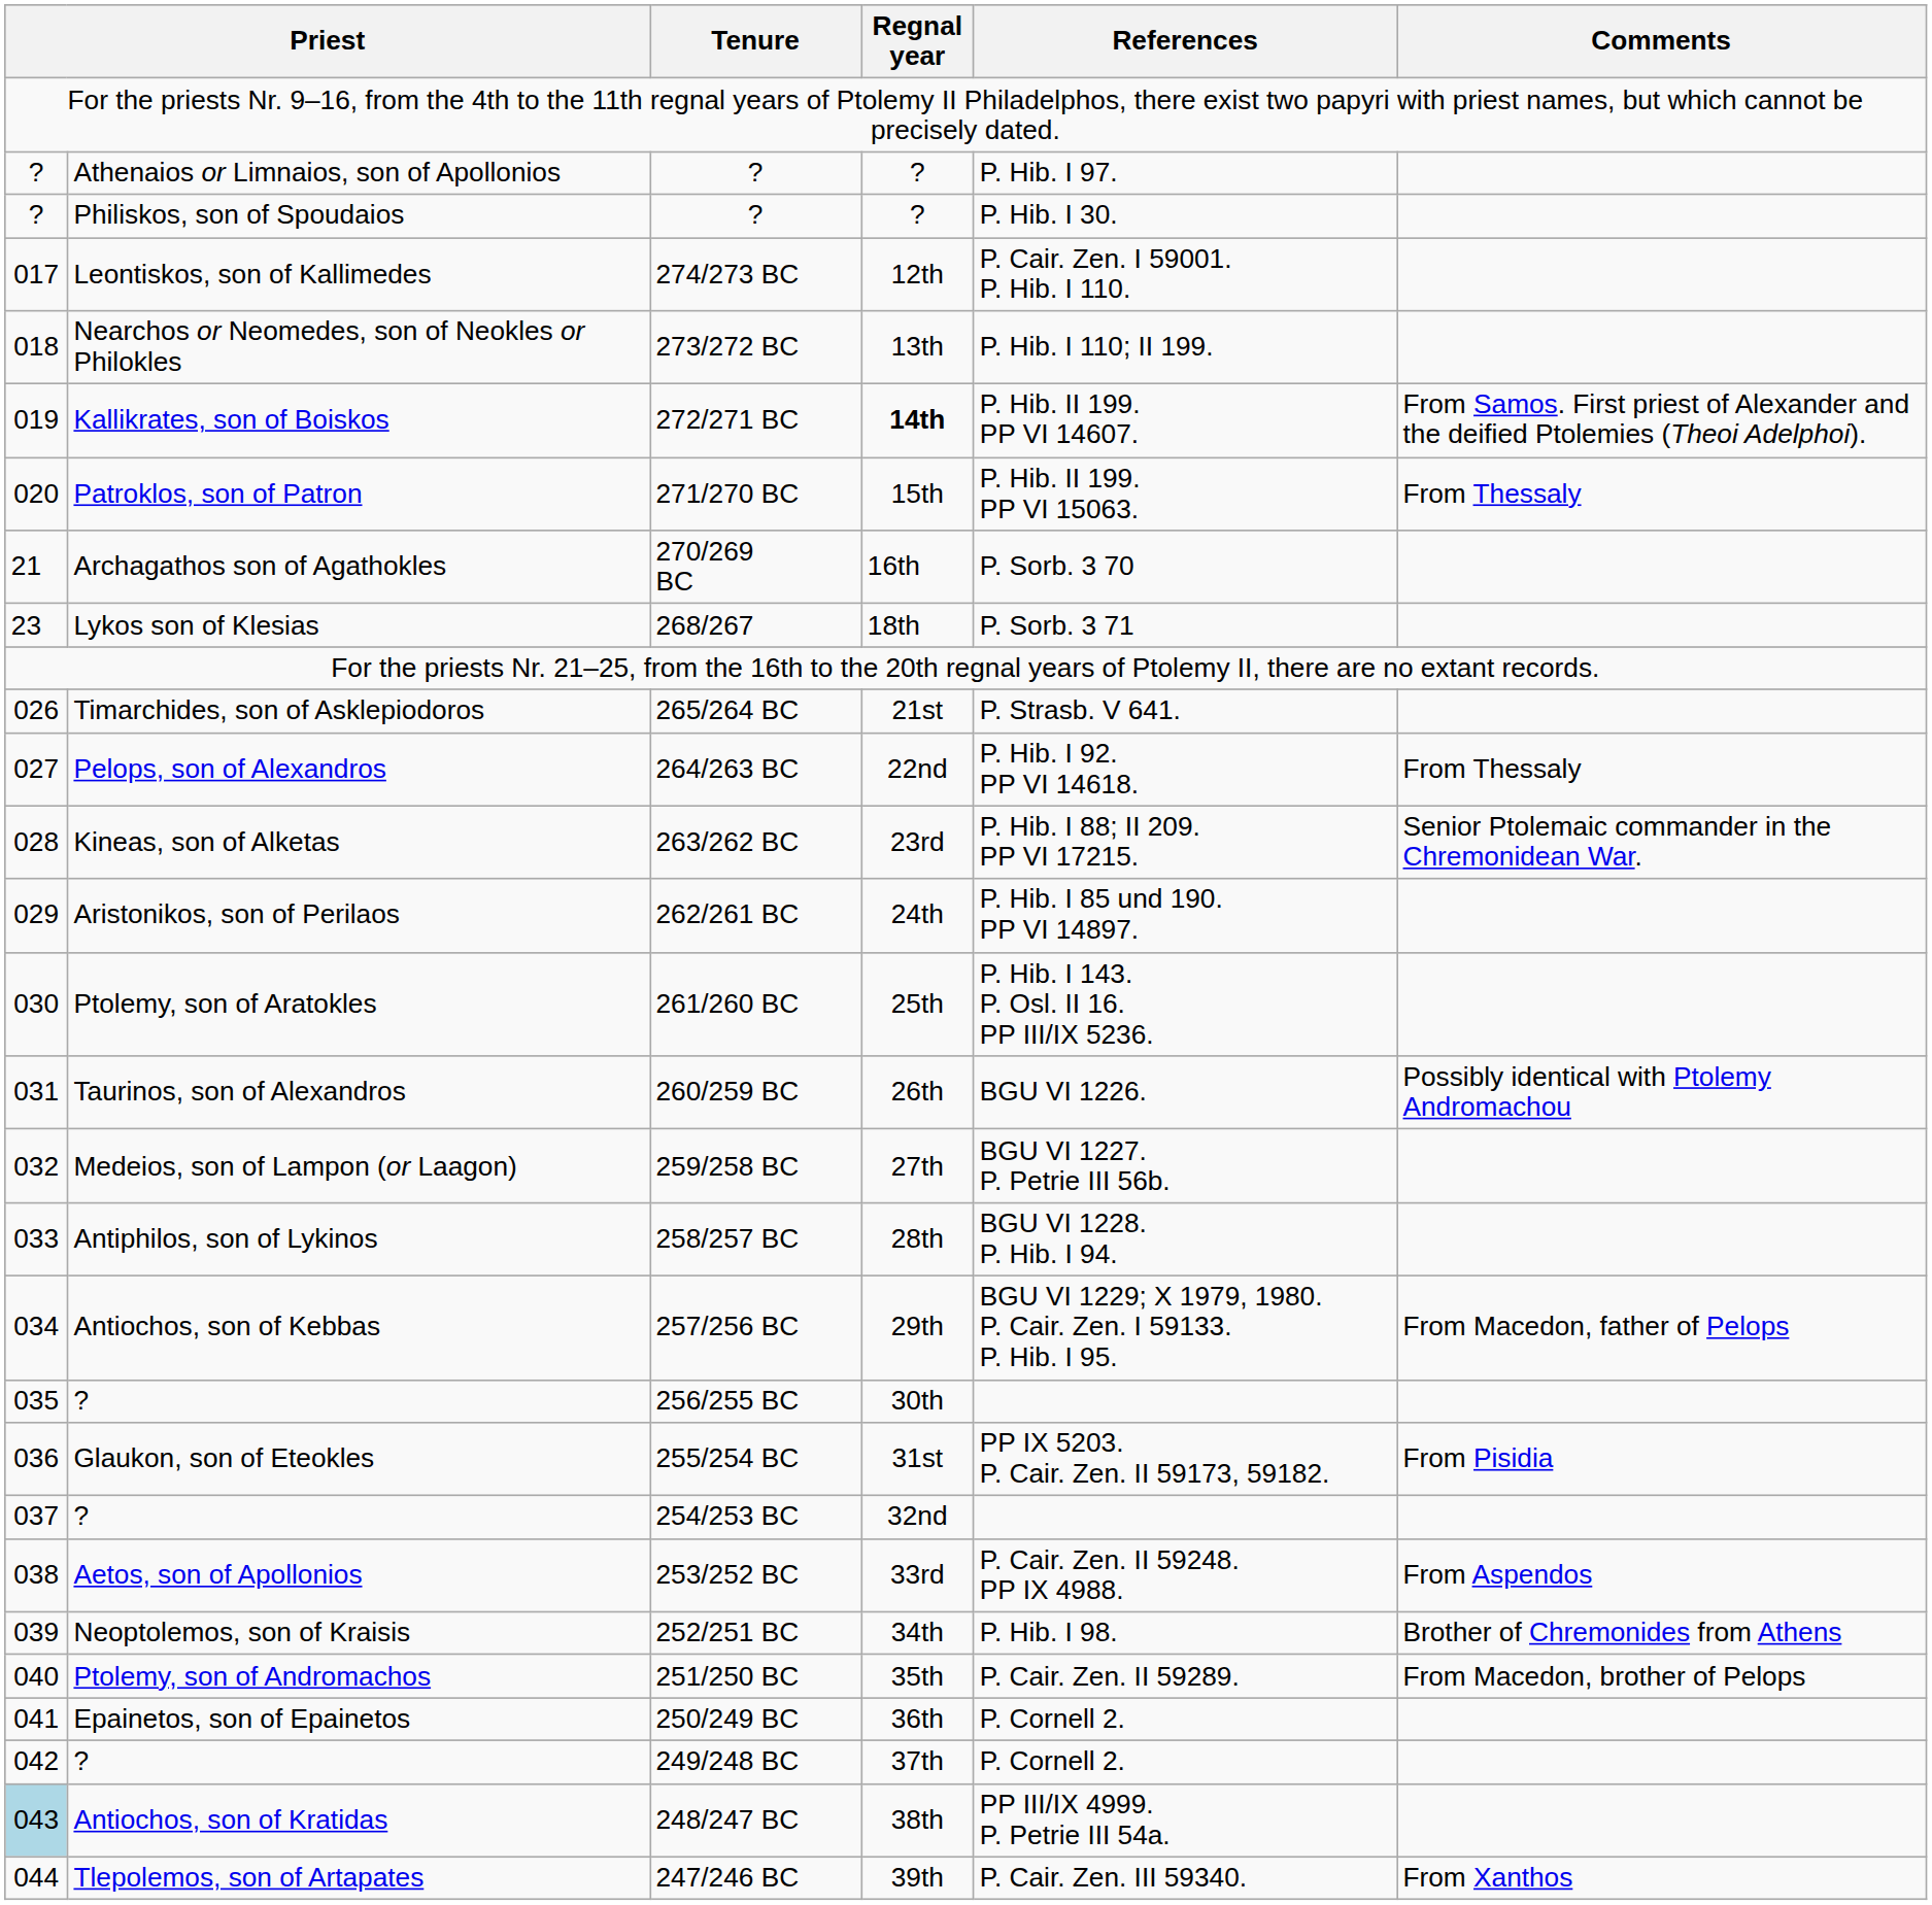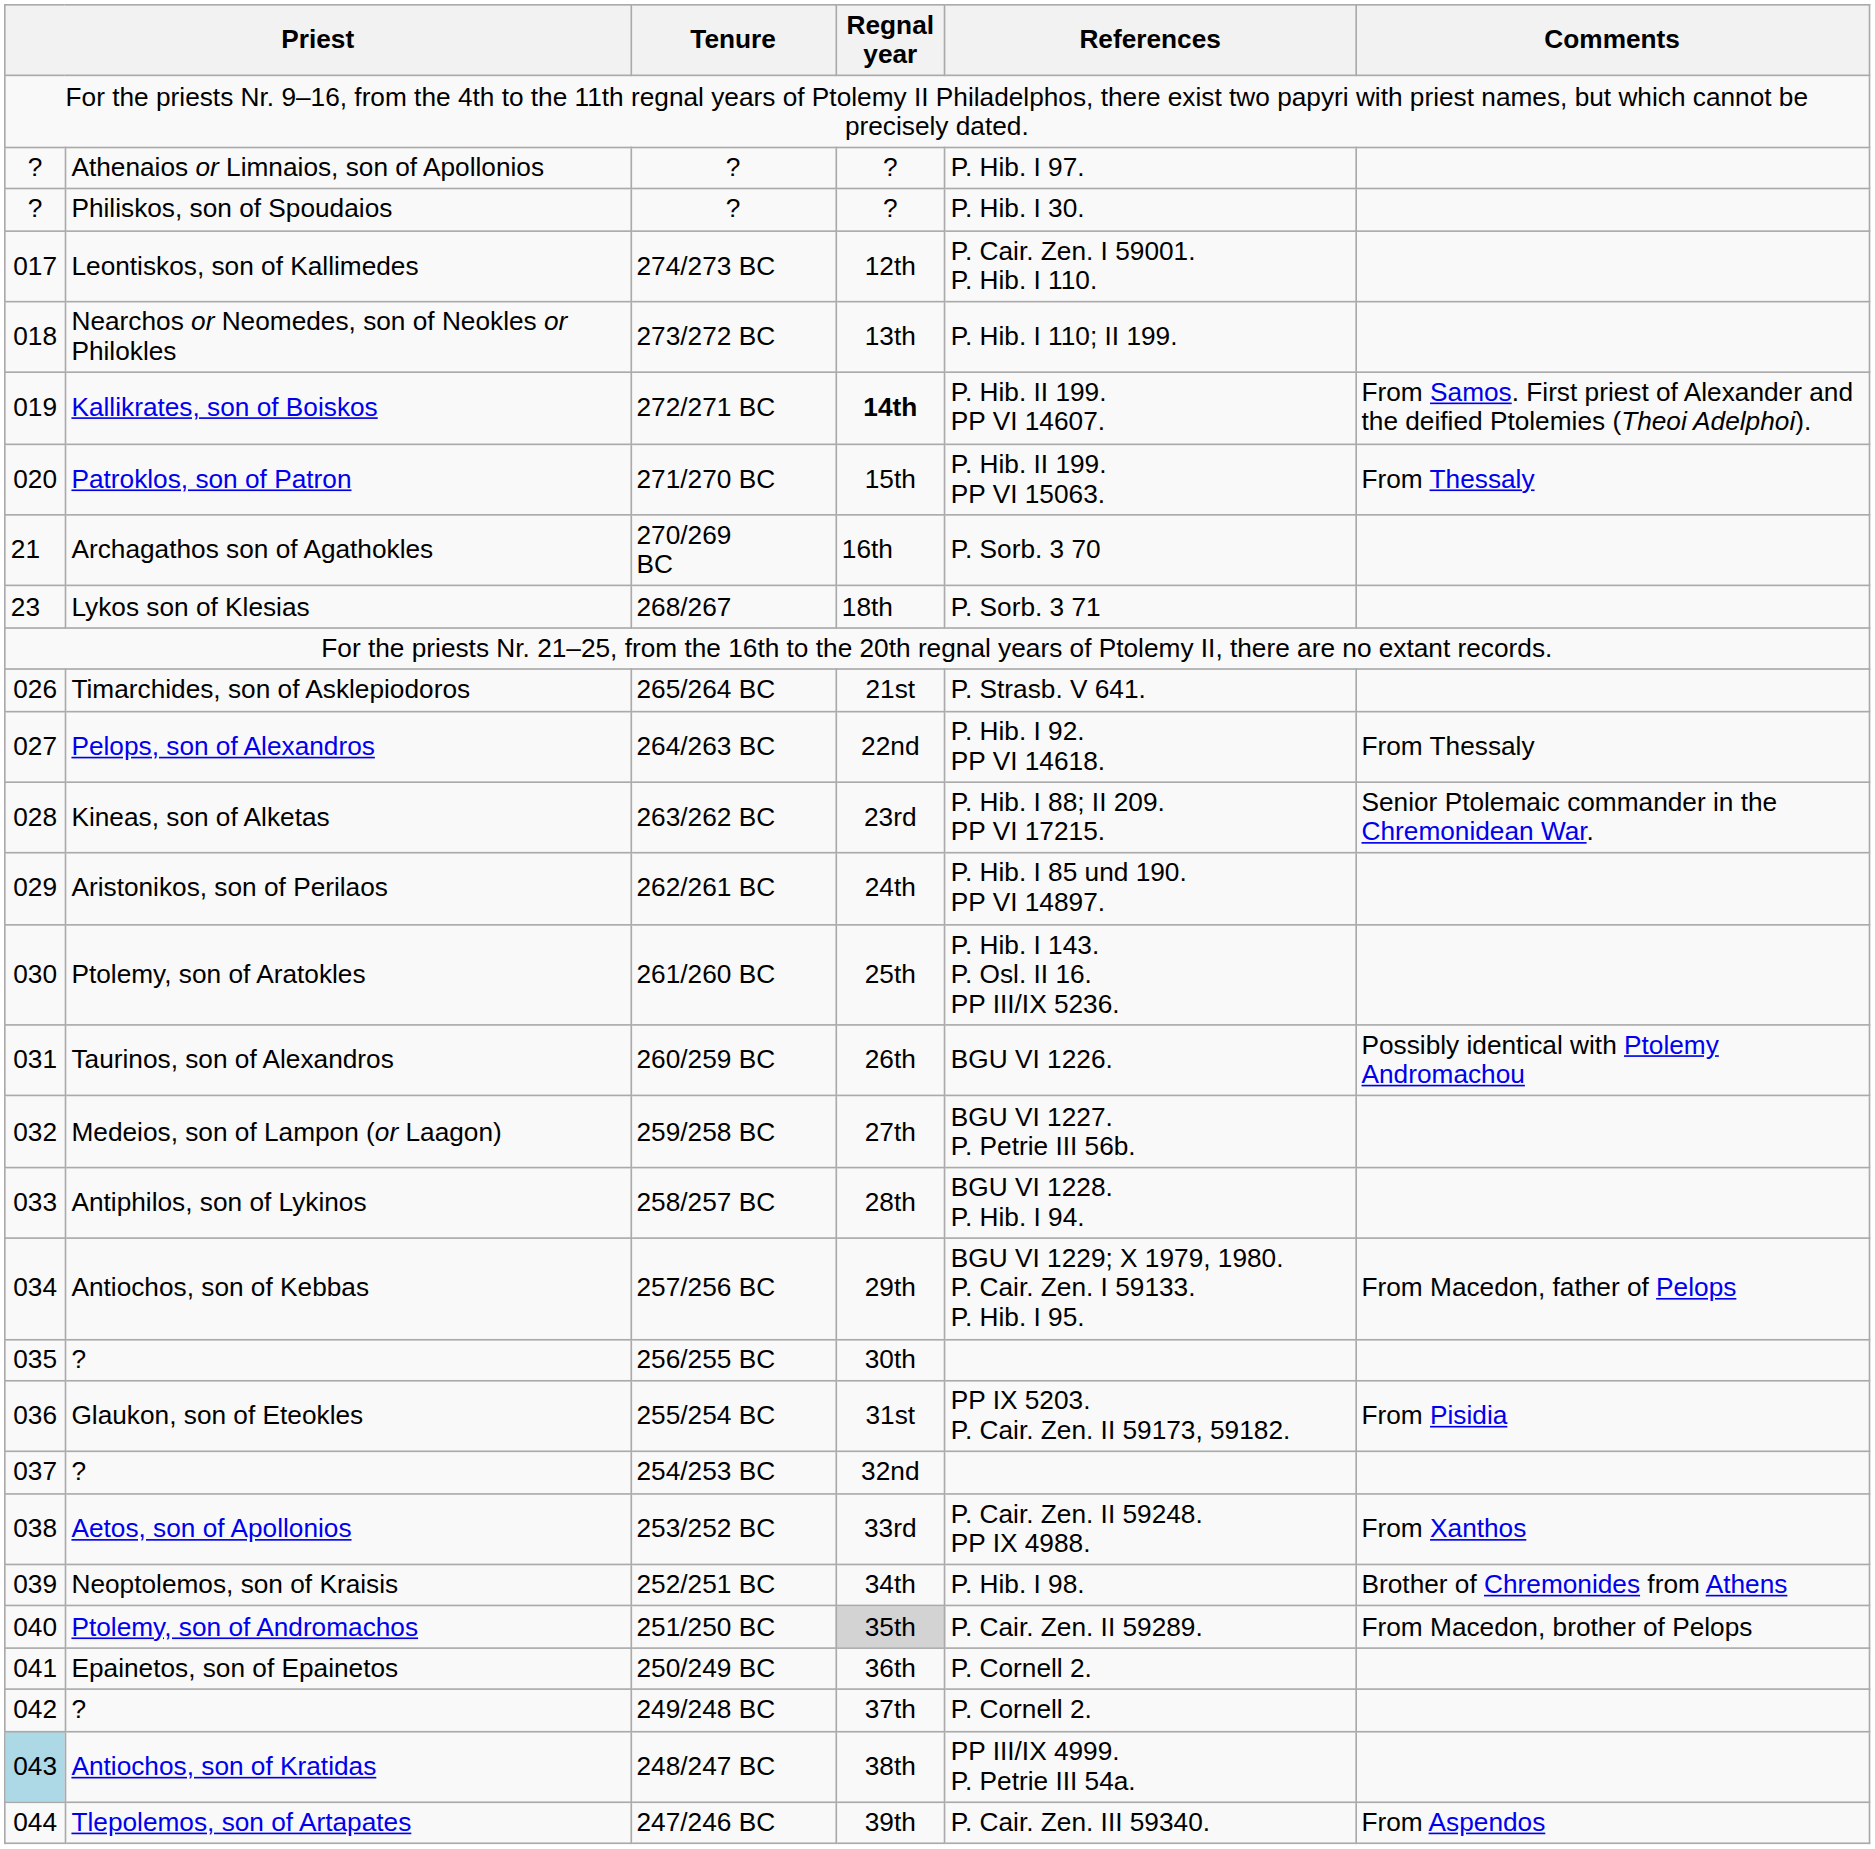 <table class="wikitable" style="width:90%;">
 <tr style="background-color:#f9f9f9;">
 <th bgcolor="#FFDEAD" style="width:30%;" colspan="2"><strong>Priest</strong></th>
 <th bgcolor="#FFDEAD" style="width:10%;">Tenure</th>
 <th bgcolor="#FFDEAD" style="width:5%;">Regnal year</th>
 <th bgcolor="#FFDEAD" style="width:20%;">References</th>
 <th bgcolor="#FFDEAD" style="width:25%;">Comments</th>
 </tr>
 <tr>
 <td align="center" colspan="6">For the priests Nr. 9–16, from the 4th to the 11th regnal years of Ptolemy II Philadelphos, there exist two papyri with priest names, but which cannot be precisely dated.</td>
 </tr>
 <tr>
 <td align="center">?</td>
 <td>Athenaios <em>or</em> Limnaios, son of Apollonios</td>
 <td align="center">?</td>
 <td align="center">?</td>
 <td>P. Hib. I 97.</td>
 <td></td>
 </tr>
 <tr>
 <td align="center">?</td>
 <td>Philiskos, son of Spoudaios</td>
 <td align="center">?</td>
 <td align="center">?</td>
 <td>P. Hib. I 30.</td>
 <td></td>
 </tr>
 <tr>
 <td align="center">017</td>
 <td>Leontiskos, son of Kallimedes</td>
 <td>274/273 BC</td>
 <td align="center">12th</td>
 <td>P. Cair. Zen. I 59001.<br>P. Hib. I 110.</td>
 <td></td>
 </tr>
 <tr>
 <td align="center">018</td>
 <td>Nearchos <em>or</em> Neomedes, son of Neokles <em>or</em> Philokles</td>
 <td>273/272 BC</td>
 <td align="center">13th</td>
 <td>P. Hib. I 110; II 199.</td>
 <td></td>
 </tr>
 <tr>
 <td align="center">019</td>
 <td><a href='#'>Kallikrates, son of Boiskos</a></td>
 <td>272/271 BC</td>
 <td align="center"><strong>14th</strong></td>
 <td>P. Hib. II 199.<br>PP VI 14607.</td>
 <td>From <a href='#'>Samos</a>. First priest of Alexander and the deified Ptolemies (<em>Theoi Adelphoi</em>).</td>
 </tr>
 <tr>
 <td align="center">020</td>
 <td><a href='#'>Patroklos, son of Patron</a></td>
 <td>271/270 BC</td>
 <td align="center">15th</td>
 <td>P. Hib. II 199.<br>PP VI 15063.</td>
 <td>From <a href='#'>Thessaly</a></td>
 </tr>
 <tr>
 <td>21</td>
 <td>Archagathos son of Agathokles</td>
 <td>270/269<br>BC</td>
 <td>16th</td>
 <td>P. Sorb. 3 70</td>
 <td></td>
 </tr>
 <tr>
 <td>23</td>
 <td>Lykos son of Klesias</td>
 <td>268/267</td>
 <td>18th</td>
 <td>P. Sorb. 3 71</td>
 <td></td>
 </tr>
 <tr>
 <td align="center" colspan="6">For the priests Nr. 21–25, from the 16th to the 20th regnal years of Ptolemy II, there are no extant records.</td>
 </tr>
 <tr>
 <td align="center">026</td>
 <td>Timarchides, son of Asklepiodoros</td>
 <td>265/264 BC</td>
 <td align="center">21st</td>
 <td>P. Strasb. V 641.</td>
 <td></td>
 </tr>
 <tr>
 <td align="center">027</td>
 <td><a href='#'>Pelops, son of Alexandros</a></td>
 <td>264/263 BC</td>
 <td align="center">22nd</td>
 <td>P. Hib. I 92.<br>PP VI 14618.</td>
 <td>From Thessaly</td>
 </tr>
 <tr>
 <td align="center">028</td>
 <td>Kineas, son of Alketas</td>
 <td>263/262 BC</td>
 <td align="center">23rd</td>
 <td>P. Hib. I 88; II 209.<br>PP VI 17215.</td>
 <td>Senior Ptolemaic commander in the <a href='#'>Chremonidean War</a>.</td>
 </tr>
 <tr>
 <td align="center">029</td>
 <td>Aristonikos, son of Perilaos</td>
 <td>262/261 BC</td>
 <td align="center">24th</td>
 <td>P. Hib. I 85 und 190.<br>PP VI 14897.</td>
 <td></td>
 </tr>
 <tr>
 <td align="center">030</td>
 <td>Ptolemy, son of Aratokles</td>
 <td>261/260 BC</td>
 <td align="center">25th</td>
 <td>P. Hib. I 143.<br>P. Osl. II 16.<br>PP III/IX 5236.</td>
 <td></td>
 </tr>
 <tr>
 <td align="center">031</td>
 <td>Taurinos, son of Alexandros</td>
 <td>260/259 BC</td>
 <td align="center">26th</td>
 <td>BGU VI 1226.</td>
 <td>Possibly identical with <a href='#'>Ptolemy Andromachou</a></td>
 </tr>
 <tr>
 <td align="center">032</td>
 <td>Medeios, son of Lampon (<em>or</em> Laagon)</td>
 <td>259/258 BC</td>
 <td align="center">27th</td>
 <td>BGU VI 1227.<br>P. Petrie III 56b.</td>
 <td></td>
 </tr>
 <tr>
 <td align="center">033</td>
 <td>Antiphilos, son of Lykinos</td>
 <td>258/257 BC</td>
 <td align="center">28th</td>
 <td>BGU VI 1228.<br>P. Hib. I 94.</td>
 <td></td>
 </tr>
 <tr>
 <td align="center">034</td>
 <td>Antiochos, son of Kebbas</td>
 <td>257/256 BC</td>
 <td align="center">29th</td>
 <td>BGU VI 1229; X 1979, 1980.<br>P. Cair. Zen. I 59133.<br>P. Hib. I 95.</td>
 <td>From Macedon, father of <a href='#'>Pelops</a></td>
 </tr>
 <tr>
 <td align="center">035</td>
 <td>?</td>
 <td>256/255 BC</td>
 <td align="center">30th</td>
 <td></td>
 <td></td>
 </tr>
 <tr>
 <td align="center">036</td>
 <td>Glaukon, son of Eteokles</td>
 <td>255/254 BC</td>
 <td align="center">31st</td>
 <td>PP IX 5203.<br>P. Cair. Zen. II 59173, 59182.</td>
 <td>From <a href='#'>Pisidia</a></td>
 </tr>
 <tr>
 <td align="center">037</td>
 <td>?</td>
 <td>254/253 BC</td>
 <td align="center">32nd</td>
 <td></td>
 <td></td>
 </tr>
 <tr>
 <td align="center">038</td>
 <td><a href='#'>Aetos, son of Apollonios</a></td>
 <td>253/252 BC</td>
 <td align="center">33rd</td>
 <td>P. Cair. Zen. II 59248.<br>PP IX 4988.</td>
-<td>From <a href='#'>Aspendos</a></td>
+<td>From <a href='#'>Xanthos</a></td>
 </tr>
 <tr>
 <td align="center">039</td>
 <td>Neoptolemos, son of Kraisis</td>
 <td>252/251 BC</td>
 <td align="center">34th</td>
 <td>P. Hib. I 98.</td>
 <td>Brother of <a href='#'>Chremonides</a> from <a href='#'>Athens</a></td>
 </tr>
 <tr>
 <td align="center">040</td>
 <td><a href='#'>Ptolemy, son of Andromachos</a></td>
 <td>251/250 BC</td>
-<td align="center">35th</td>
+<td align="center" style="background: lightgrey;">35th</td>
 <td>P. Cair. Zen. II 59289.</td>
 <td>From Macedon, brother of Pelops</td>
 </tr>
 <tr>
 <td align="center">041</td>
 <td>Epainetos, son of Epainetos</td>
 <td>250/249 BC</td>
 <td align="center">36th</td>
 <td>P. Cornell 2.</td>
 <td></td>
 </tr>
 <tr>
 <td align="center">042</td>
 <td>?</td>
 <td>249/248 BC</td>
 <td align="center">37th</td>
 <td>P. Cornell 2.</td>
 <td></td>
 </tr>
 <tr>
 <td align="center" style="background: lightblue;">043</td>
 <td><a href='#'>Antiochos, son of Kratidas</a></td>
 <td>248/247 BC</td>
 <td align="center">38th</td>
 <td>PP III/IX 4999.<br>P. Petrie III 54a.</td>
 <td></td>
 </tr>
 <tr>
 <td align="center">044</td>
 <td><a href='#'>Tlepolemos, son of Artapates</a></td>
 <td>247/246 BC</td>
 <td align="center">39th</td>
 <td>P. Cair. Zen. III 59340.</td>
-<td>From <a href='#'>Xanthos</a></td>
+<td>From <a href='#'>Aspendos</a></td>
 </tr>
 </table>
